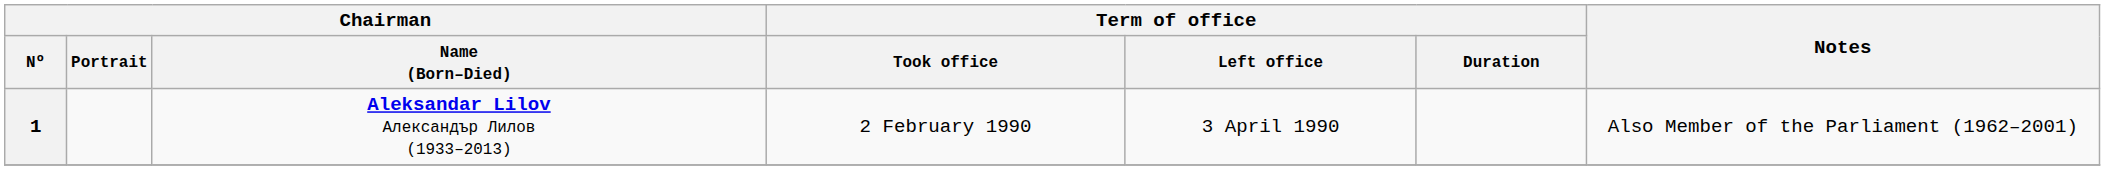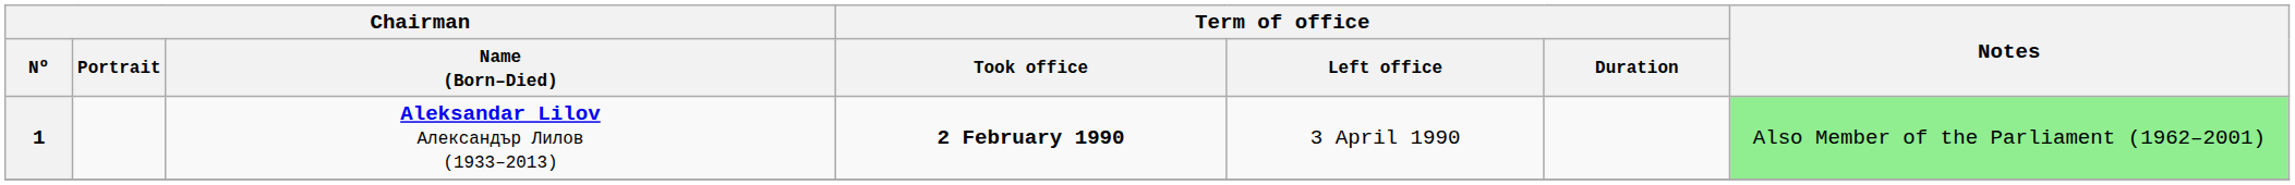 <table class="wikitable" style="text-align:center; width:90%">
 <tr>
 <th width=35% colspan=3>Chairman</th>
 <th width=40% colspan=3>Term of office</th>
 <th width=25% rowspan=2>Notes</th>
 </tr>
 <tr>
 <th width=3%><small>Nº</small></th>
 <th><small>Portrait</small></th>
 <th width=30%><small>Name<br>(Born–Died)</small></th>
 <th><small>Took office</small></th>
 <th><small>Left office</small></th>
 <th><small>Duration</small></th>
 </tr>
 <tr>
 <th style="background:">1</th>
 <td></td>
 <td><strong><a href='#'>Aleksandar Lilov</a></strong><br><small><span>Александър Лилов</span><br>(1933–2013)</small></td>
-<td>2 February 1990</td>
+<td><strong>2 February 1990</strong></td>
 <td>3 April 1990</td>
 <td></td>
-<td>Also Member of the Parliament (1962–2001)</td>
+<td style="background: lightgreen;">Also Member of the Parliament (1962–2001)</td>
 </tr>
 <tr>
 </tr>
 </table>
